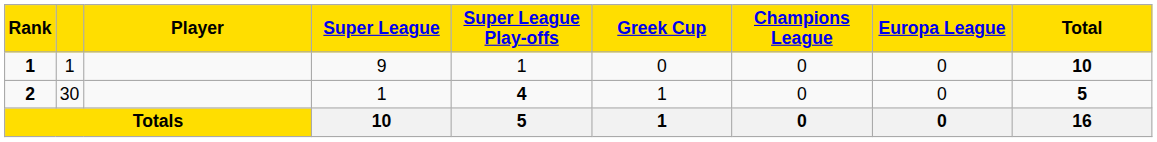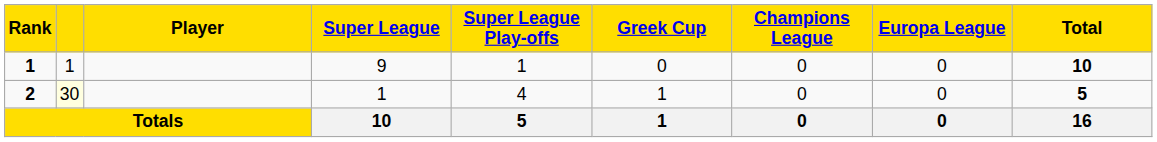 <table class="wikitable sortable" style="text-align:center">
 <tr>
 <th style="background:#FFDE00">Rank</th>
 <th style="background:#FFDE00"></th>
 <th width=200 style="background:#FFDE00">Player</th>
 <th width=120 style="background:#FFDE00"><a href='#'>Super League</a></th>
 <th width=120 style="background:#FFDE00"><a href='#'>Super League Play-offs</a></th>
 <th width=120 style="background:#FFDE00"><a href='#'>Greek Cup</a></th>
 <th width=120 style="background:#FFDE00"><a href='#'>Champions League</a></th>
 <th width=120 style="background:#FFDE00"><a href='#'>Europa League</a></th>
 <th width=120 style="background:#FFDE00">Total</th>
 </tr>
 <tr>
 <td><strong>1</strong></td>
 <td>1</td>
 <td align=left></td>
 <td>9</td>
 <td>1</td>
 <td>0</td>
 <td>0</td>
 <td>0</td>
 <td><strong>10</strong></td>
 </tr>
 <tr>
 <td><strong>2</strong></td>
-<td>30</td>
+<td style="background: lightyellow;">30</td>
 <td align=left></td>
 <td>1</td>
-<td><strong>4</strong></td>
+<td>4</td>
 <td>1</td>
 <td>0</td>
 <td>0</td>
 <td><strong>5</strong></td>
 </tr>
 <tr class="sortbottom">
 <th colspan=3 style="background:#FFDE00"><strong>Totals</strong></th>
 <th><strong>10</strong></th>
 <th><strong> 5</strong></th>
 <th><strong> 1</strong></th>
 <th><strong> 0</strong></th>
 <th><strong> 0</strong></th>
 <th><strong>16</strong></th>
 </tr>
 </table>
